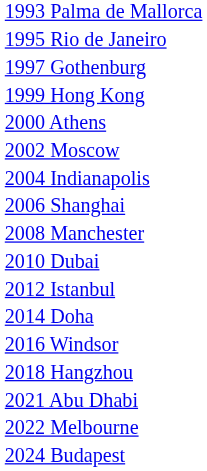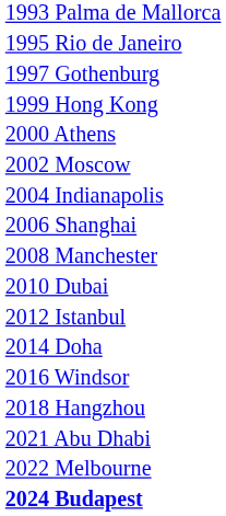 <table>
 <tr>
 <td><a href='#'>1993 Palma de Mallorca</a></td>
 <td></td>
 <td></td>
 <td></td>
 </tr>
 <tr>
 <td><a href='#'>1995 Rio de Janeiro</a></td>
 <td></td>
 <td></td>
 <td></td>
 </tr>
 <tr>
 <td><a href='#'>1997 Gothenburg</a></td>
 <td></td>
 <td></td>
 <td></td>
 </tr>
 <tr>
 <td><a href='#'>1999 Hong Kong</a></td>
 <td></td>
 <td></td>
 <td></td>
 </tr>
 <tr>
 <td><a href='#'>2000 Athens</a></td>
 <td></td>
 <td></td>
 <td></td>
 </tr>
 <tr>
 <td><a href='#'>2002 Moscow</a></td>
 <td></td>
 <td></td>
 <td></td>
 </tr>
 <tr>
 <td><a href='#'>2004 Indianapolis</a></td>
 <td></td>
 <td></td>
 <td></td>
 </tr>
 <tr>
 <td><a href='#'>2006 Shanghai</a></td>
 <td></td>
 <td></td>
 <td></td>
 </tr>
 <tr>
 <td><a href='#'>2008 Manchester</a></td>
 <td></td>
 <td></td>
 <td></td>
 </tr>
 <tr>
 <td><a href='#'>2010 Dubai</a></td>
 <td></td>
 <td></td>
 <td></td>
 </tr>
 <tr>
 <td><a href='#'>2012 Istanbul</a></td>
 <td></td>
 <td></td>
 <td></td>
 </tr>
 <tr>
 <td><a href='#'>2014 Doha</a></td>
 <td></td>
 <td></td>
 <td></td>
 </tr>
 <tr>
 <td><a href='#'>2016 Windsor</a></td>
 <td></td>
 <td></td>
 <td></td>
 </tr>
 <tr>
 <td><a href='#'>2018 Hangzhou</a></td>
 <td></td>
 <td></td>
 <td></td>
 </tr>
 <tr>
 <td><a href='#'>2021 Abu Dhabi</a></td>
 <td></td>
 <td></td>
 <td></td>
 </tr>
 <tr>
 <td><a href='#'>2022 Melbourne</a></td>
 <td></td>
 <td></td>
 <td></td>
 </tr>
 <tr>
-<td><a href='#'>2024 Budapest</a></td>
+<td><strong><a href='#'>2024 Budapest</a></strong></td>
 <td></td>
 <td></td>
 <td></td>
 </tr>
 </table>
